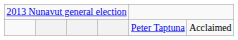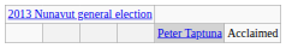 <table class="wikitable">
 <tr>
 <td colspan=4 align=center><a href='#'>2013 Nunavut general election</a></td>
 </tr>
 <tr>
 <td></td>
 <th></th>
 <th></th>
 <th><br></th>
-<td><a href='#'>Peter Taptuna</a></td>
+<td style="background: lightgrey;"><a href='#'>Peter Taptuna</a></td>
 <td colspan="2" align=center>Acclaimed</td>
 </tr>
 </table>
